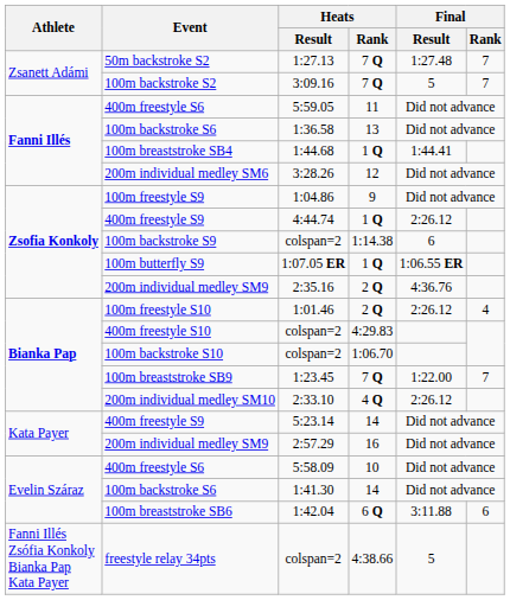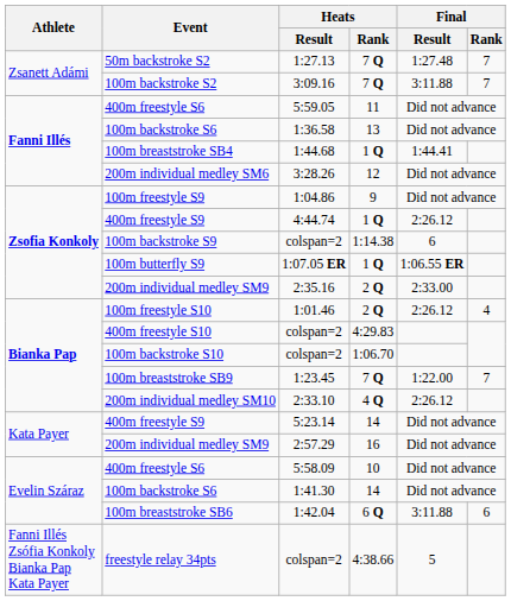 <table class=wikitable style="font-size:90%">
 <tr>
 <th rowspan="2">Athlete</th>
 <th rowspan="2">Event</th>
 <th colspan="2">Heats</th>
 <th colspan="2">Final</th>
 </tr>
 <tr>
 <th>Result</th>
 <th>Rank</th>
 <th>Result</th>
 <th>Rank</th>
 </tr>
 <tr align=center>
 <td align=left rowspan=2><a href='#'>Zsanett Adámi</a></td>
 <td align=left><a href='#'>50m backstroke S2</a></td>
 <td>1:27.13</td>
 <td>7 <strong>Q</strong></td>
 <td>1:27.48</td>
 <td>7</td>
 </tr>
 <tr align=center>
 <td align=left><a href='#'>100m backstroke S2</a></td>
 <td>3:09.16</td>
 <td>7 <strong>Q</strong></td>
-<td>5</td>
+<td>3:11.88</td>
 <td>7</td>
 </tr>
 <tr align=center>
 <td align=left rowspan=4><strong><a href='#'>Fanni Illés</a></strong></td>
 <td align=left><a href='#'>400m freestyle S6</a></td>
 <td>5:59.05</td>
 <td>11</td>
 <td colspan=2>Did not advance</td>
 </tr>
 <tr align=center>
 <td align=left><a href='#'>100m backstroke S6</a></td>
 <td>1:36.58</td>
 <td>13</td>
 <td colspan=2>Did not advance</td>
 </tr>
 <tr align=center>
 <td align=left><a href='#'>100m breaststroke SB4</a></td>
 <td>1:44.68</td>
 <td>1 <strong>Q</strong></td>
 <td>1:44.41</td>
 <td></td>
 </tr>
 <tr align=center>
 <td align=left><a href='#'>200m individual medley SM6</a></td>
 <td>3:28.26</td>
 <td>12</td>
 <td colspan=2>Did not advance</td>
 </tr>
 <tr align=center>
 <td align=left rowspan=5><strong><a href='#'>Zsofia Konkoly</a></strong></td>
 <td align=left><a href='#'>100m freestyle S9</a></td>
 <td>1:04.86</td>
 <td>9</td>
 <td colspan=2>Did not advance</td>
 </tr>
 <tr align=center>
 <td align=left><a href='#'>400m freestyle S9</a></td>
 <td>4:44.74</td>
 <td>1 <strong>Q</strong></td>
 <td>2:26.12</td>
 <td></td>
 </tr>
 <tr align=center>
 <td align=left><a href='#'>100m backstroke S9</a></td>
 <td>colspan=2 </td>
 <td>1:14.38</td>
 <td>6</td>
 </tr>
 <tr align=center>
 <td align=left><a href='#'>100m butterfly S9</a></td>
 <td>1:07.05 <strong>ER</strong></td>
 <td>1 <strong>Q</strong></td>
 <td>1:06.55 <strong>ER</strong></td>
 <td></td>
 </tr>
 <tr align=center>
 <td align=left><a href='#'>200m individual medley SM9</a></td>
 <td>2:35.16</td>
 <td>2 <strong>Q</strong></td>
-<td>4:36.76</td>
+<td>2:33.00</td>
 <td></td>
 </tr>
 <tr align=center>
 <td align=left rowspan=5><strong><a href='#'>Bianka Pap</a></strong></td>
 <td align=left><a href='#'>100m freestyle S10</a></td>
 <td>1:01.46</td>
 <td>2 <strong>Q</strong></td>
 <td>2:26.12</td>
 <td>4</td>
 </tr>
 <tr align=center>
 <td align=left><a href='#'>400m freestyle S10</a></td>
 <td>colspan=2 </td>
 <td>4:29.83</td>
 <td></td>
 </tr>
 <tr align=center>
 <td align=left><a href='#'>100m backstroke S10</a></td>
 <td>colspan=2 </td>
 <td>1:06.70</td>
 <td></td>
 </tr>
 <tr align=center>
 <td align=left><a href='#'>100m breaststroke SB9</a></td>
 <td>1:23.45</td>
 <td>7 <strong>Q</strong></td>
 <td>1:22.00</td>
 <td>7</td>
 </tr>
 <tr align=center>
 <td align=left><a href='#'>200m individual medley SM10</a></td>
 <td>2:33.10</td>
 <td>4 <strong>Q</strong></td>
 <td>2:26.12</td>
 <td></td>
 </tr>
 <tr align=center>
 <td align=left rowspan=2><a href='#'>Kata Payer</a></td>
 <td align=left><a href='#'>400m freestyle S9</a></td>
 <td>5:23.14</td>
 <td>14</td>
 <td colspan=2>Did not advance</td>
 </tr>
 <tr align=center>
 <td align=left><a href='#'>200m individual medley SM9</a></td>
 <td>2:57.29</td>
 <td>16</td>
 <td colspan=2>Did not advance</td>
 </tr>
 <tr align=center>
 <td align=left rowspan=3><a href='#'>Evelin Száraz</a></td>
 <td align=left><a href='#'>400m freestyle S6</a></td>
 <td>5:58.09</td>
 <td>10</td>
 <td colspan=2>Did not advance</td>
 </tr>
 <tr align=center>
 <td align=left><a href='#'>100m backstroke S6</a></td>
 <td>1:41.30</td>
 <td>14</td>
 <td colspan=2>Did not advance</td>
 </tr>
 <tr align=center>
 <td align=left><a href='#'>100m breaststroke SB6</a></td>
 <td>1:42.04</td>
 <td>6 <strong>Q</strong></td>
 <td>3:11.88</td>
 <td>6</td>
 </tr>
 <tr align=center>
 <td align=left><a href='#'>Fanni Illés</a><br><a href='#'>Zsófia Konkoly</a><br><a href='#'>Bianka Pap</a><br><a href='#'>Kata Payer</a></td>
 <td align=left><a href='#'> freestyle relay 34pts</a></td>
 <td>colspan=2 </td>
 <td>4:38.66</td>
 <td>5</td>
 </tr>
 </table>
